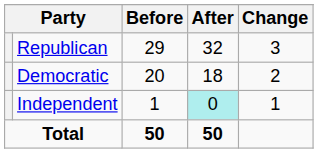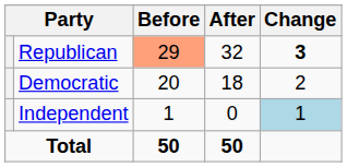 <table class="wikitable" style="text-align:center;">
 <tr>
 </tr>
 <tr>
 <th colspan=2>Party</th>
 <th>Before</th>
 <th>After</th>
 <th>Change</th>
 </tr>
 <tr>
 <th style="background-color:"></th>
 <td style="text-align:left;"><a href='#'>Republican</a></td>
-<td>29</td>
+<td style="background: lightsalmon;">29</td>
 <td>32</td>
-<td> 3</td>
+<td><strong> 3</strong></td>
 </tr>
 <tr>
 <th style="background-color:"></th>
 <td style="text-align:left;"><a href='#'>Democratic</a></td>
 <td>20</td>
 <td>18</td>
 <td> 2</td>
 </tr>
 <tr>
 <th style="background-color:"></th>
 <td style="text-align:left;"><a href='#'>Independent</a></td>
 <td>1</td>
-<td style="background: paleturquoise;">0</td>
-<td> 1</td>
+<td>0</td>
+<td style="background: lightblue;"> 1</td>
 </tr>
 <tr>
 <td colspan=2><strong>Total</strong></td>
 <td><strong>50</strong></td>
 <td><strong>50</strong></td>
 <td></td>
 </tr>
 </table>
